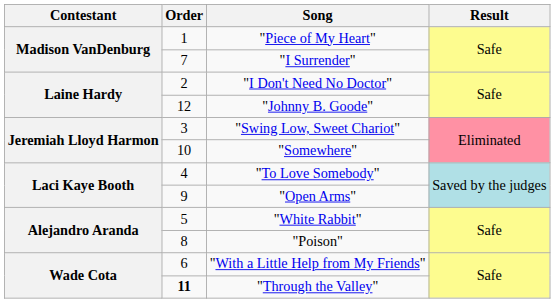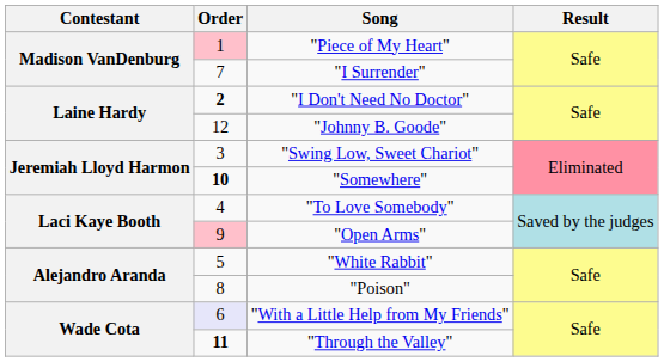 <table class="wikitable unsortable" style="text-align:center;">
 <tr>
 <th scope="col">Contestant</th>
 <th scope="col">Order</th>
 <th scope="col">Song</th>
 <th scope="col">Result</th>
 </tr>
 <tr>
 <th scope="row" rowspan="2">Madison VanDenburg</th>
-<td>1</td>
+<td style="background: pink;">1</td>
 <td>"<a href='#'>Piece of My Heart</a>"</td>
 <td rowspan="2" style="background:#FDFC8F;">Safe</td>
 </tr>
 <tr>
 <td>7</td>
 <td>"<a href='#'>I Surrender</a>"</td>
 </tr>
 <tr>
 <th scope="row" rowspan="2">Laine Hardy</th>
-<td>2</td>
+<td><strong>2</strong></td>
 <td>"<a href='#'>I Don't Need No Doctor</a>"</td>
 <td rowspan="2" style="background:#FDFC8F;">Safe</td>
 </tr>
 <tr>
 <td>12</td>
 <td>"<a href='#'>Johnny B. Goode</a>"</td>
 </tr>
 <tr>
 <th scope="row" rowspan="2">Jeremiah Lloyd Harmon</th>
 <td>3</td>
 <td>"<a href='#'>Swing Low, Sweet Chariot</a>"</td>
 <td rowspan="2" style="background:#FF91A4;">Eliminated</td>
 </tr>
 <tr>
-<td>10</td>
+<td><strong>10</strong></td>
 <td>"<a href='#'>Somewhere</a>"</td>
 </tr>
 <tr>
 <th scope="row" rowspan="2">Laci Kaye Booth</th>
 <td>4</td>
 <td>"<a href='#'>To Love Somebody</a>"</td>
 <td rowspan="2" style="background:#B0E0E6">Saved by the judges</td>
 </tr>
 <tr>
-<td>9</td>
+<td style="background: pink;">9</td>
 <td>"<a href='#'>Open Arms</a>"</td>
 </tr>
 <tr>
 <th scope="row" rowspan="2">Alejandro Aranda</th>
 <td>5</td>
 <td>"<a href='#'>White Rabbit</a>"</td>
 <td rowspan="2" style="background:#FDFC8F;">Safe</td>
 </tr>
 <tr>
 <td>8</td>
 <td>"Poison"</td>
 </tr>
 <tr>
 <th scope="row" rowspan="2">Wade Cota</th>
-<td>6</td>
+<td style="background: lavender;">6</td>
 <td>"<a href='#'>With a Little Help from My Friends</a>"</td>
 <td rowspan="2" style="background:#FDFC8F;">Safe</td>
 </tr>
 <tr>
 <td><strong>11</strong></td>
 <td>"<a href='#'>Through the Valley</a>"</td>
 </tr>
 </table>
